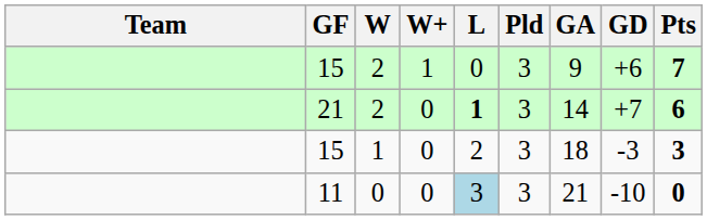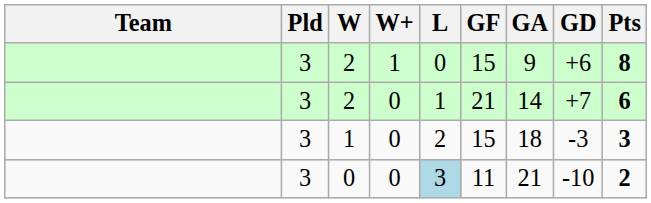 <table class="wikitable" style="text-align: center;">
 <tr>
 <th width="175">Team</th>
-<th width="20">GF</th>
+<th width="20">Pld</th>
 <th width="20">W</th>
 <th width="20">W+</th>
 <th width="20">L</th>
-<th width="20">Pld</th>
+<th width="20">GF</th>
 <th width="20">GA</th>
 <th width="25">GD</th>
 <th width="20">Pts</th>
 </tr>
 <tr align=center style="background:#ccffcc;">
 <td style="text-align:left;"></td>
-<td>15</td>
+<td>3</td>
 <td>2</td>
 <td>1</td>
 <td>0</td>
-<td>3</td>
+<td>15</td>
 <td>9</td>
 <td>+6</td>
-<td><strong>7</strong></td>
+<td><strong>8</strong></td>
 </tr>
 <tr align=center style="background:#ccffcc;">
 <td style="text-align:left;"></td>
-<td>21</td>
+<td>3</td>
 <td>2</td>
 <td>0</td>
-<td><strong>1</strong></td>
-<td>3</td>
+<td>1</td>
+<td>21</td>
 <td>14</td>
 <td>+7</td>
 <td><strong>6</strong></td>
 </tr>
 <tr>
 <td style="text-align:left;"></td>
-<td>15</td>
+<td>3</td>
 <td>1</td>
 <td>0</td>
 <td>2</td>
-<td>3</td>
+<td>15</td>
 <td>18</td>
 <td>-3</td>
 <td><strong>3</strong></td>
 </tr>
 <tr>
 <td style="text-align:left;"></td>
-<td>11</td>
+<td>3</td>
 <td>0</td>
 <td>0</td>
 <td style="background: lightblue;">3</td>
-<td>3</td>
+<td>11</td>
 <td>21</td>
 <td>-10</td>
-<td><strong>0</strong></td>
+<td><strong>2</strong></td>
 </tr>
 </table>
